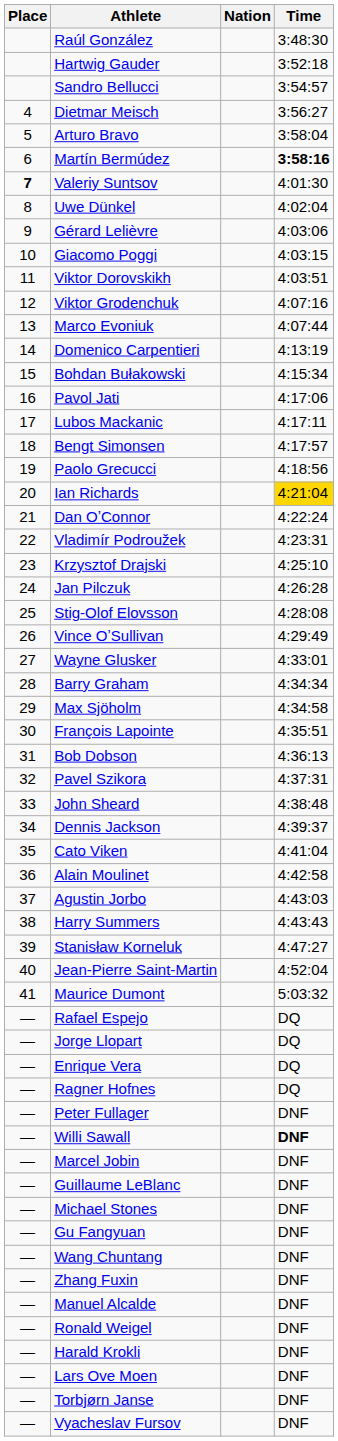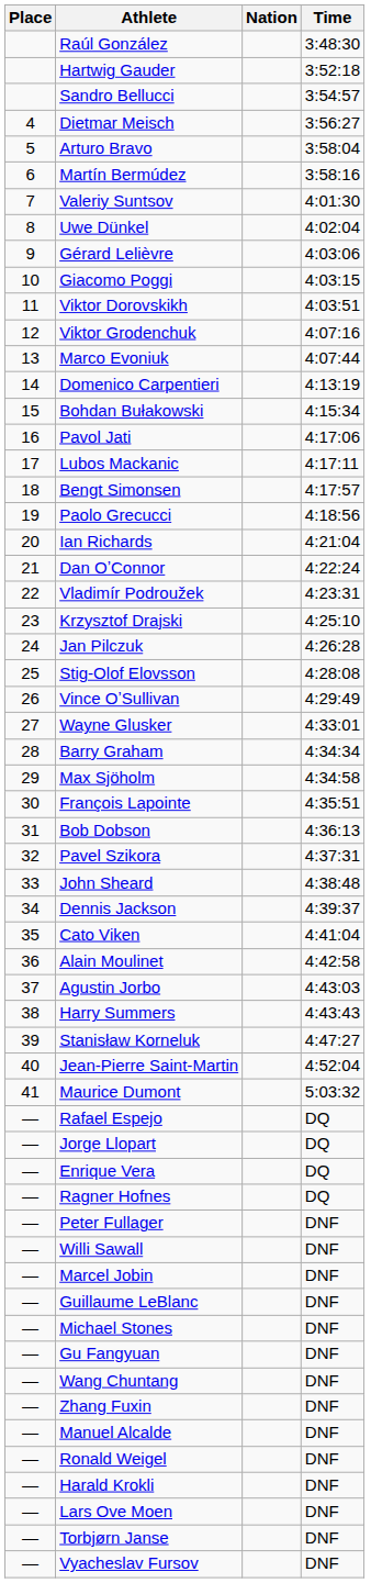 <table class=wikitable>
 <tr>
 <th>Place</th>
 <th>Athlete</th>
 <th>Nation</th>
 <th>Time</th>
 </tr>
 <tr>
 <td align=center></td>
 <td><a href='#'>Raúl González</a></td>
 <td></td>
 <td>3:48:30</td>
 </tr>
 <tr>
 <td align=center></td>
 <td><a href='#'>Hartwig Gauder</a></td>
 <td></td>
 <td>3:52:18</td>
 </tr>
 <tr>
 <td align=center></td>
 <td><a href='#'>Sandro Bellucci</a></td>
 <td></td>
 <td>3:54:57</td>
 </tr>
 <tr>
 <td align=center>4</td>
 <td><a href='#'>Dietmar Meisch</a></td>
 <td></td>
 <td>3:56:27</td>
 </tr>
 <tr>
 <td align=center>5</td>
 <td><a href='#'>Arturo Bravo</a></td>
 <td></td>
 <td>3:58:04</td>
 </tr>
 <tr>
 <td align=center>6</td>
 <td><a href='#'>Martín Bermúdez</a></td>
 <td></td>
-<td><strong>3:58:16</strong></td>
+<td>3:58:16</td>
 </tr>
 <tr>
-<td align=center><strong>7</strong></td>
+<td align=center>7</td>
 <td><a href='#'>Valeriy Suntsov</a></td>
 <td></td>
 <td>4:01:30</td>
 </tr>
 <tr>
 <td align=center>8</td>
 <td><a href='#'>Uwe Dünkel</a></td>
 <td></td>
 <td>4:02:04</td>
 </tr>
 <tr>
 <td align=center>9</td>
 <td><a href='#'>Gérard Lelièvre</a></td>
 <td></td>
 <td>4:03:06</td>
 </tr>
 <tr>
 <td align=center>10</td>
 <td><a href='#'>Giacomo Poggi</a></td>
 <td></td>
 <td>4:03:15</td>
 </tr>
 <tr>
 <td align=center>11</td>
 <td><a href='#'>Viktor Dorovskikh</a></td>
 <td></td>
 <td>4:03:51</td>
 </tr>
 <tr>
 <td align=center>12</td>
 <td><a href='#'>Viktor Grodenchuk</a></td>
 <td></td>
 <td>4:07:16</td>
 </tr>
 <tr>
 <td align=center>13</td>
 <td><a href='#'>Marco Evoniuk</a></td>
 <td></td>
 <td>4:07:44</td>
 </tr>
 <tr>
 <td align=center>14</td>
 <td><a href='#'>Domenico Carpentieri</a></td>
 <td></td>
 <td>4:13:19</td>
 </tr>
 <tr>
 <td align=center>15</td>
 <td><a href='#'>Bohdan Bułakowski</a></td>
 <td></td>
 <td>4:15:34</td>
 </tr>
 <tr>
 <td align=center>16</td>
 <td><a href='#'>Pavol Jati</a></td>
 <td></td>
 <td>4:17:06</td>
 </tr>
 <tr>
 <td align=center>17</td>
 <td><a href='#'>Lubos Mackanic</a></td>
 <td></td>
 <td>4:17:11</td>
 </tr>
 <tr>
 <td align=center>18</td>
 <td><a href='#'>Bengt Simonsen</a></td>
 <td></td>
 <td>4:17:57</td>
 </tr>
 <tr>
 <td align=center>19</td>
 <td><a href='#'>Paolo Grecucci</a></td>
 <td></td>
 <td>4:18:56</td>
 </tr>
 <tr>
 <td align=center>20</td>
 <td><a href='#'>Ian Richards</a></td>
 <td></td>
-<td style="background: gold;">4:21:04</td>
+<td>4:21:04</td>
 </tr>
 <tr>
 <td align=center>21</td>
 <td><a href='#'>Dan OʼConnor</a></td>
 <td></td>
 <td>4:22:24</td>
 </tr>
 <tr>
 <td align=center>22</td>
 <td><a href='#'>Vladimír Podroužek</a></td>
 <td></td>
 <td>4:23:31</td>
 </tr>
 <tr>
 <td align=center>23</td>
 <td><a href='#'>Krzysztof Drajski</a></td>
 <td></td>
 <td>4:25:10</td>
 </tr>
 <tr>
 <td align=center>24</td>
 <td><a href='#'>Jan Pilczuk</a></td>
 <td></td>
 <td>4:26:28</td>
 </tr>
 <tr>
 <td align=center>25</td>
 <td><a href='#'>Stig-Olof Elovsson</a></td>
 <td></td>
 <td>4:28:08</td>
 </tr>
 <tr>
 <td align=center>26</td>
 <td><a href='#'>Vince OʼSullivan</a></td>
 <td></td>
 <td>4:29:49</td>
 </tr>
 <tr>
 <td align=center>27</td>
 <td><a href='#'>Wayne Glusker</a></td>
 <td></td>
 <td>4:33:01</td>
 </tr>
 <tr>
 <td align=center>28</td>
 <td><a href='#'>Barry Graham</a></td>
 <td></td>
 <td>4:34:34</td>
 </tr>
 <tr>
 <td align=center>29</td>
 <td><a href='#'>Max Sjöholm</a></td>
 <td></td>
 <td>4:34:58</td>
 </tr>
 <tr>
 <td align=center>30</td>
 <td><a href='#'>François Lapointe</a></td>
 <td></td>
 <td>4:35:51</td>
 </tr>
 <tr>
 <td align=center>31</td>
 <td><a href='#'>Bob Dobson</a></td>
 <td></td>
 <td>4:36:13</td>
 </tr>
 <tr>
 <td align=center>32</td>
 <td><a href='#'>Pavel Szikora</a></td>
 <td></td>
 <td>4:37:31</td>
 </tr>
 <tr>
 <td align=center>33</td>
 <td><a href='#'>John Sheard</a></td>
 <td></td>
 <td>4:38:48</td>
 </tr>
 <tr>
 <td align=center>34</td>
 <td><a href='#'>Dennis Jackson</a></td>
 <td></td>
 <td>4:39:37</td>
 </tr>
 <tr>
 <td align=center>35</td>
 <td><a href='#'>Cato Viken</a></td>
 <td></td>
 <td>4:41:04</td>
 </tr>
 <tr>
 <td align=center>36</td>
 <td><a href='#'>Alain Moulinet</a></td>
 <td></td>
 <td>4:42:58</td>
 </tr>
 <tr>
 <td align=center>37</td>
 <td><a href='#'>Agustin Jorbo</a></td>
 <td></td>
 <td>4:43:03</td>
 </tr>
 <tr>
 <td align=center>38</td>
 <td><a href='#'>Harry Summers</a></td>
 <td></td>
 <td>4:43:43</td>
 </tr>
 <tr>
 <td align=center>39</td>
 <td><a href='#'>Stanisław Korneluk</a></td>
 <td></td>
 <td>4:47:27</td>
 </tr>
 <tr>
 <td align=center>40</td>
 <td><a href='#'>Jean-Pierre Saint-Martin</a></td>
 <td></td>
 <td>4:52:04</td>
 </tr>
 <tr>
 <td align=center>41</td>
 <td><a href='#'>Maurice Dumont</a></td>
 <td></td>
 <td>5:03:32</td>
 </tr>
 <tr>
 <td align=center>—</td>
 <td><a href='#'>Rafael Espejo</a></td>
 <td></td>
 <td>DQ</td>
 </tr>
 <tr>
 <td align=center>—</td>
 <td><a href='#'>Jorge Llopart</a></td>
 <td></td>
 <td>DQ</td>
 </tr>
 <tr>
 <td align=center>—</td>
 <td><a href='#'>Enrique Vera</a></td>
 <td></td>
 <td>DQ</td>
 </tr>
 <tr>
 <td align=center>—</td>
 <td><a href='#'>Ragner Hofnes</a></td>
 <td></td>
 <td>DQ</td>
 </tr>
 <tr>
 <td align=center>—</td>
 <td><a href='#'>Peter Fullager</a></td>
 <td></td>
 <td>DNF</td>
 </tr>
 <tr>
 <td align=center>—</td>
 <td><a href='#'>Willi Sawall</a></td>
 <td></td>
-<td><strong>DNF</strong></td>
+<td>DNF</td>
 </tr>
 <tr>
 <td align=center>—</td>
 <td><a href='#'>Marcel Jobin</a></td>
 <td></td>
 <td>DNF</td>
 </tr>
 <tr>
 <td align=center>—</td>
 <td><a href='#'>Guillaume LeBlanc</a></td>
 <td></td>
 <td>DNF</td>
 </tr>
 <tr>
 <td align=center>—</td>
 <td><a href='#'>Michael Stones</a></td>
 <td></td>
 <td>DNF</td>
 </tr>
 <tr>
 <td align=center>—</td>
 <td><a href='#'>Gu Fangyuan</a></td>
 <td></td>
 <td>DNF</td>
 </tr>
 <tr>
 <td align=center>—</td>
 <td><a href='#'>Wang Chuntang</a></td>
 <td></td>
 <td>DNF</td>
 </tr>
 <tr>
 <td align=center>—</td>
 <td><a href='#'>Zhang Fuxin</a></td>
 <td></td>
 <td>DNF</td>
 </tr>
 <tr>
 <td align=center>—</td>
 <td><a href='#'>Manuel Alcalde</a></td>
 <td></td>
 <td>DNF</td>
 </tr>
 <tr>
 <td align=center>—</td>
 <td><a href='#'>Ronald Weigel</a></td>
 <td></td>
 <td>DNF</td>
 </tr>
 <tr>
 <td align=center>—</td>
 <td><a href='#'>Harald Krokli</a></td>
 <td></td>
 <td>DNF</td>
 </tr>
 <tr>
 <td align=center>—</td>
 <td><a href='#'>Lars Ove Moen</a></td>
 <td></td>
 <td>DNF</td>
 </tr>
 <tr>
 <td align=center>—</td>
 <td><a href='#'>Torbjørn Janse</a></td>
 <td></td>
 <td>DNF</td>
 </tr>
 <tr>
 <td align=center>—</td>
 <td><a href='#'>Vyacheslav Fursov</a></td>
 <td></td>
 <td>DNF</td>
 </tr>
 </table>
